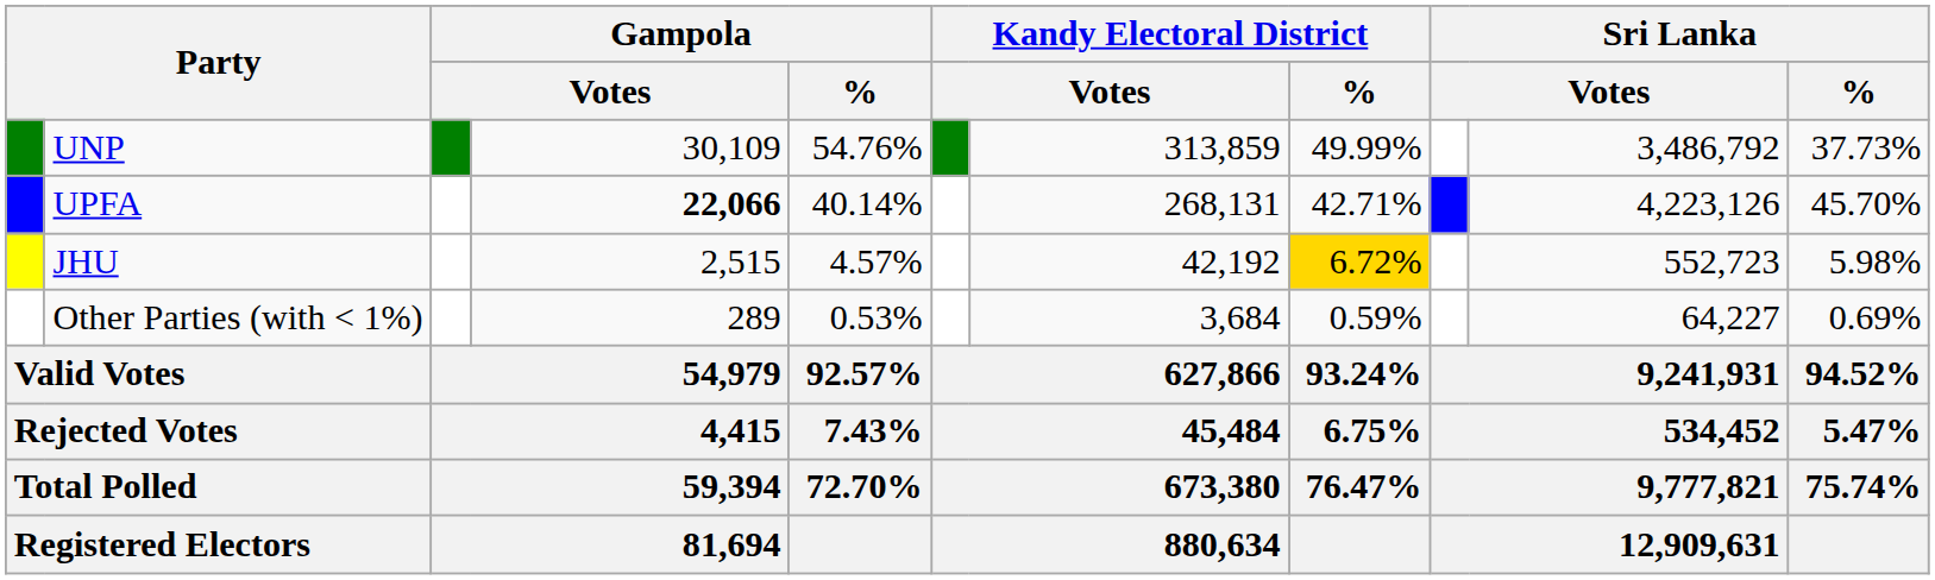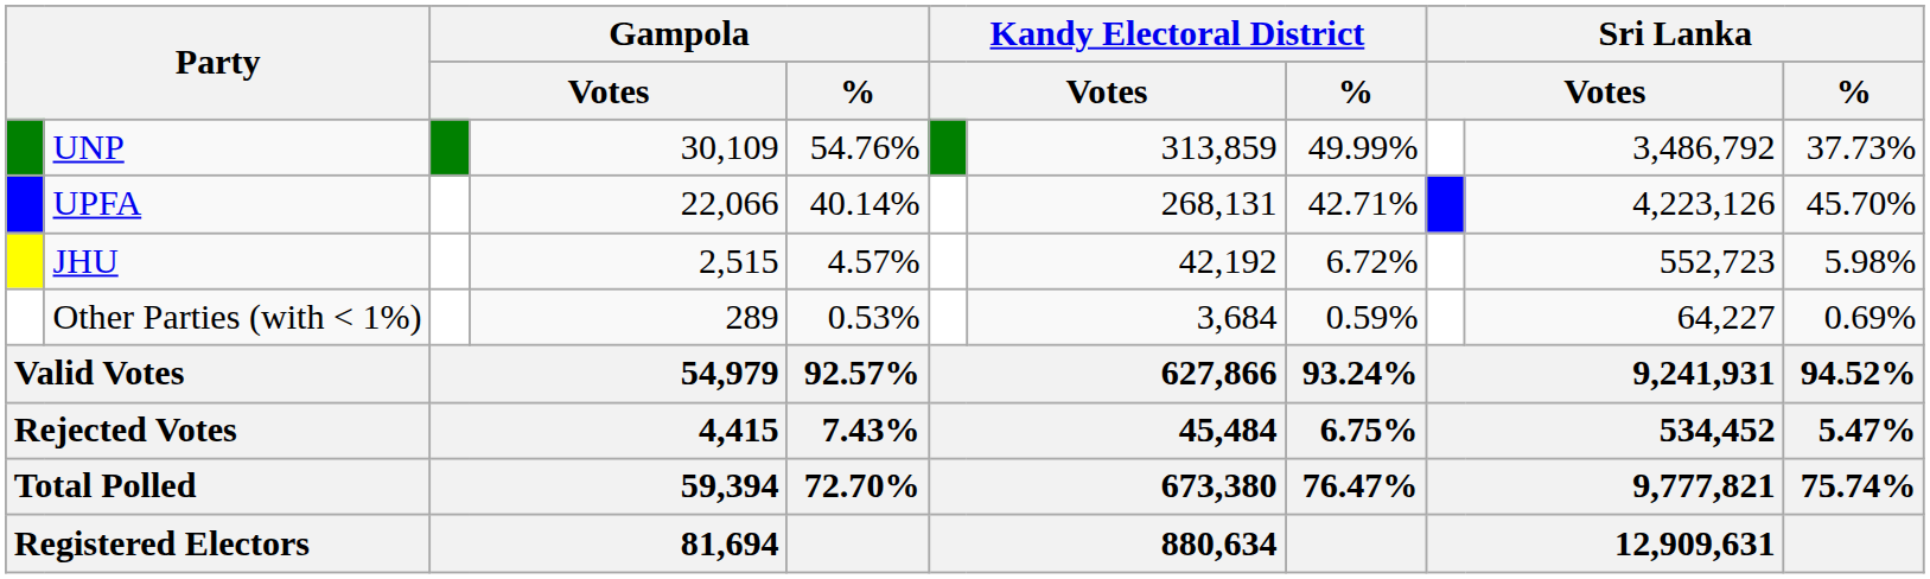 <table class="wikitable">
 <tr>
 <th colspan="2" width="144px"rowspan="2">Party</th>
 <th colspan="3" width="216px">Gampola</th>
 <th colspan="3" width="216px"><a href='#'>Kandy Electoral District</a></th>
 <th colspan="3" width="216px">Sri Lanka</th>
 </tr>
 <tr>
 <th colspan="2" width="144px">Votes</th>
 <th>%</th>
 <th colspan="2" width="144px">Votes</th>
 <th>%</th>
 <th colspan="2" width="144px">Votes</th>
 <th>%</th>
 </tr>
 <tr>
 <td style="background-color:green;" width="10px"></td>
 <td style="text-align:left;"><a href='#'>UNP</a></td>
 <td style="background-color:green;" width="10px"></td>
 <td style="text-align:right;">30,109</td>
 <td style="text-align:right;">54.76%</td>
 <td style="background-color:green;" width="10px"></td>
 <td style="text-align:right;">313,859</td>
 <td style="text-align:right;">49.99%</td>
 <td style="background-color:white;" width="10px"></td>
 <td style="text-align:right;">3,486,792</td>
 <td style="text-align:right;">37.73%</td>
 </tr>
 <tr>
 <td style="background-color:blue;" width="10px"></td>
 <td style="text-align:left;"><a href='#'>UPFA</a></td>
 <td style="background-color:white;" width="10px"></td>
-<td style="text-align:right;"><strong>22,066</strong></td>
+<td style="text-align:right;">22,066</td>
 <td style="text-align:right;">40.14%</td>
 <td style="background-color:white;" width="10px"></td>
 <td style="text-align:right;">268,131</td>
 <td style="text-align:right;">42.71%</td>
 <td style="background-color:blue;" width="10px"></td>
 <td style="text-align:right;">4,223,126</td>
 <td style="text-align:right;">45.70%</td>
 </tr>
 <tr>
 <td style="background-color:yellow;" width="10px"></td>
 <td style="text-align:left;"><a href='#'>JHU</a></td>
 <td style="background-color:white;" width="10px"></td>
 <td style="text-align:right;">2,515</td>
 <td style="text-align:right;">4.57%</td>
 <td style="background-color:white;" width="10px"></td>
 <td style="text-align:right;">42,192</td>
-<td style="background: gold; text-align:right;">6.72%</td>
+<td style="text-align:right;">6.72%</td>
 <td style="background-color:white;" width="10px"></td>
 <td style="text-align:right;">552,723</td>
 <td style="text-align:right;">5.98%</td>
 </tr>
 <tr>
 <td style="background-color:white;" width="10px"></td>
 <td style="text-align:left;">Other Parties (with < 1%)</td>
 <td style="background-color:white;" width="10px"></td>
 <td style="text-align:right;">289</td>
 <td style="text-align:right;">0.53%</td>
 <td style="background-color:white;" width="10px"></td>
 <td style="text-align:right;">3,684</td>
 <td style="text-align:right;">0.59%</td>
 <td style="background-color:white;" width="10px"></td>
 <td style="text-align:right;">64,227</td>
 <td style="text-align:right;">0.69%</td>
 </tr>
 <tr>
 <th colspan="2" width="144px"style="text-align:left;">Valid Votes</th>
 <th style="text-align:right;"colspan="2" width="144px">54,979</th>
 <th style="text-align:right;">92.57%</th>
 <th style="text-align:right;"colspan="2" width="144px">627,866</th>
 <th style="text-align:right;">93.24%</th>
 <th style="text-align:right;"colspan="2" width="144px">9,241,931</th>
 <th style="text-align:right;">94.52%</th>
 </tr>
 <tr>
 <th colspan="2" width="144px"style="text-align:left;">Rejected Votes</th>
 <th style="text-align:right;"colspan="2" width="144px">4,415</th>
 <th style="text-align:right;">7.43%</th>
 <th style="text-align:right;"colspan="2" width="144px">45,484</th>
 <th style="text-align:right;">6.75%</th>
 <th style="text-align:right;"colspan="2" width="144px">534,452</th>
 <th style="text-align:right;">5.47%</th>
 </tr>
 <tr>
 <th colspan="2" width="144px"style="text-align:left;">Total Polled</th>
 <th style="text-align:right;"colspan="2" width="144px">59,394</th>
 <th style="text-align:right;">72.70%</th>
 <th style="text-align:right;"colspan="2" width="144px">673,380</th>
 <th style="text-align:right;">76.47%</th>
 <th style="text-align:right;"colspan="2" width="144px">9,777,821</th>
 <th style="text-align:right;">75.74%</th>
 </tr>
 <tr>
 <th colspan="2" width="144px"style="text-align:left;">Registered Electors</th>
 <th style="text-align:right;"colspan="2" width="144px">81,694</th>
 <th></th>
 <th style="text-align:right;"colspan="2" width="144px">880,634</th>
 <th></th>
 <th style="text-align:right;"colspan="2" width="144px">12,909,631</th>
 <th></th>
 </tr>
 </table>
